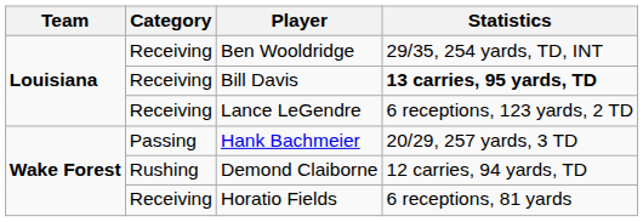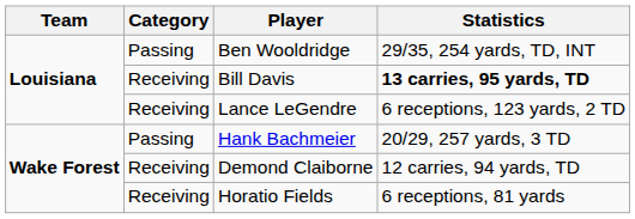 <table class="wikitable" style="float: right;">
 <tr>
 <th>Team</th>
 <th>Category</th>
 <th>Player</th>
 <th>Statistics</th>
 </tr>
 <tr>
 <td rowspan=3><strong>Louisiana</strong></td>
-<td>Receiving</td>
+<td>Passing</td>
 <td>Ben Wooldridge</td>
 <td>29/35, 254 yards, TD, INT</td>
 </tr>
 <tr>
 <td>Receiving</td>
 <td>Bill Davis</td>
 <td><strong>13 carries, 95 yards, TD</strong></td>
 </tr>
 <tr>
 <td>Receiving</td>
 <td>Lance LeGendre</td>
 <td>6 receptions, 123 yards, 2 TD</td>
 </tr>
 <tr>
 <td rowspan=3><strong>Wake Forest</strong></td>
 <td>Passing</td>
 <td><a href='#'>Hank Bachmeier</a></td>
 <td>20/29, 257 yards, 3 TD</td>
 </tr>
 <tr>
-<td>Rushing</td>
+<td>Receiving</td>
 <td>Demond Claiborne</td>
 <td>12 carries, 94 yards, TD</td>
 </tr>
 <tr>
 <td>Receiving</td>
 <td>Horatio Fields</td>
 <td>6 receptions, 81 yards</td>
 </tr>
 </table>
